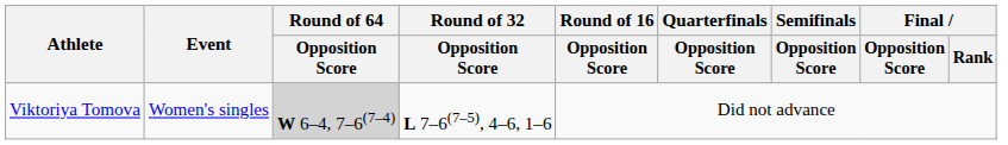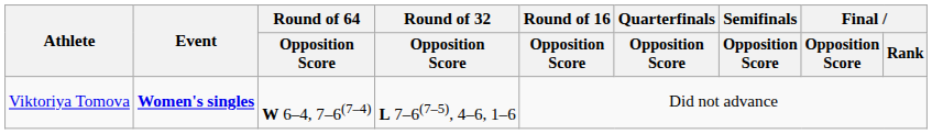 <table class=wikitable style="font-size:90%">
 <tr>
 <th rowspan="2">Athlete</th>
 <th rowspan="2">Event</th>
 <th>Round of 64</th>
 <th>Round of 32</th>
 <th>Round of 16</th>
 <th>Quarterfinals</th>
 <th>Semifinals</th>
 <th colspan=2>Final / </th>
 </tr>
 <tr style="font-size:95%">
 <th>Opposition<br>Score</th>
 <th>Opposition<br>Score</th>
 <th>Opposition<br>Score</th>
 <th>Opposition<br>Score</th>
 <th>Opposition<br>Score</th>
 <th>Opposition<br>Score</th>
 <th>Rank</th>
 </tr>
 <tr align="center">
 <td align=left><a href='#'>Viktoriya Tomova</a></td>
-<td align=left><a href='#'>Women's singles</a></td>
-<td style="background: lightgrey;"><br><strong>W</strong> 6–4, 7–6<sup>(7–4)</sup></td>
+<td align=left><strong><a href='#'>Women's singles</a></strong></td>
+<td><br><strong>W</strong> 6–4, 7–6<sup>(7–4)</sup></td>
 <td><br><strong>L</strong> 7–6<sup>(7–5)</sup>, 4–6, 1–6</td>
 <td colspan=5>Did not advance</td>
 </tr>
 </table>
